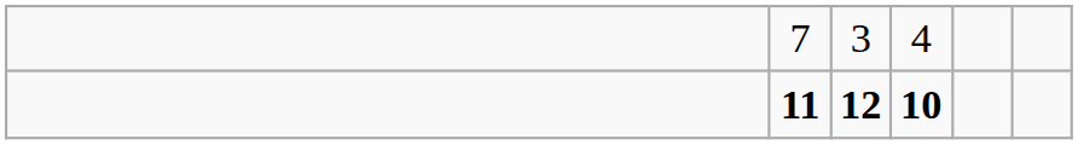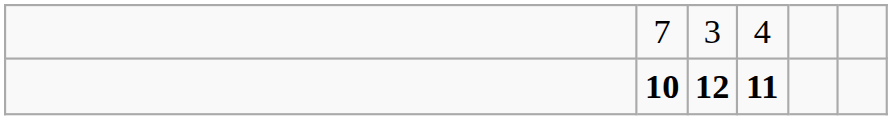 <table class="wikitable">
 <tr>
 <td style="width:18em"></td>
 <td align=center style="width:1em">7</td>
 <td align=center style="width:1em">3</td>
 <td align=center style="width:1em">4</td>
 <td align=center style="width:1em"></td>
 <td align=center style="width:1em"></td>
 </tr>
 <tr>
 <td style="width:18em"><strong></strong></td>
+<td align=center style="width:1em"><strong>10</strong></td>
+<td align=center style="width:1em"><strong>12</strong></td>
 <td align=center style="width:1em"><strong>11</strong></td>
-<td align=center style="width:1em"><strong>12</strong></td>
-<td align=center style="width:1em"><strong>10</strong></td>
 <td align=center style="width:1em"></td>
 <td align=center style="width:1em"></td>
 </tr>
 </table>
